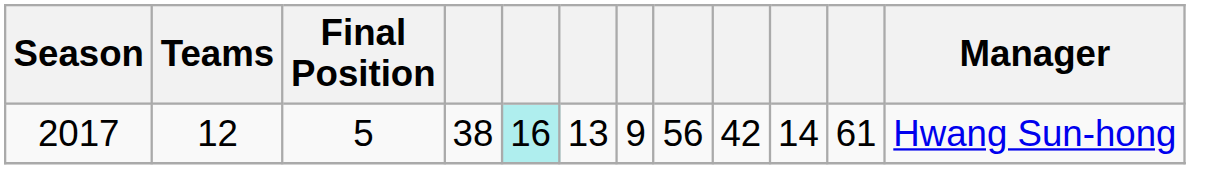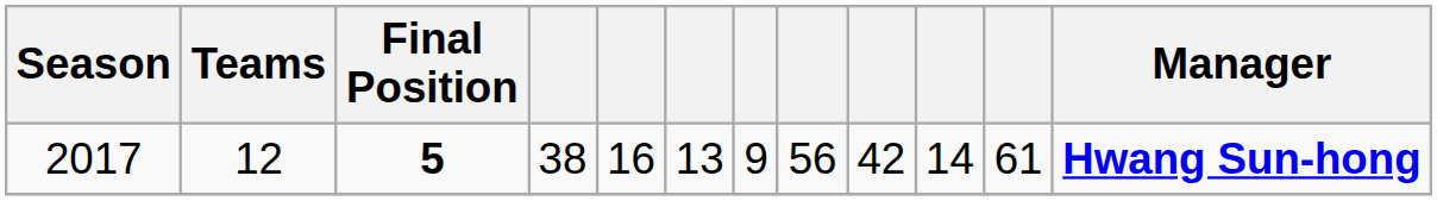 <table class="wikitable" style="text-align:center">
 <tr>
 <th>Season</th>
 <th>Teams</th>
 <th>Final<br>Position</th>
 <th></th>
 <th></th>
 <th></th>
 <th></th>
 <th></th>
 <th></th>
 <th></th>
 <th></th>
 <th>Manager</th>
 </tr>
 <tr>
 <td>2017</td>
 <td>12</td>
-<td>5</td>
+<td><strong>5</strong></td>
 <td>38</td>
-<td style="background: paleturquoise;">16</td>
+<td>16</td>
 <td>13</td>
 <td>9</td>
 <td>56</td>
 <td>42</td>
 <td>14</td>
 <td>61</td>
-<td align=left> <a href='#'>Hwang Sun-hong</a></td>
+<td align=left><strong> <a href='#'>Hwang Sun-hong</a></strong></td>
 </tr>
 <tr>
 </tr>
 </table>
